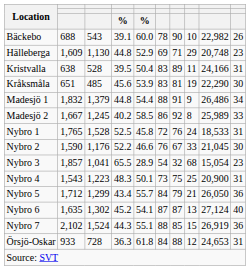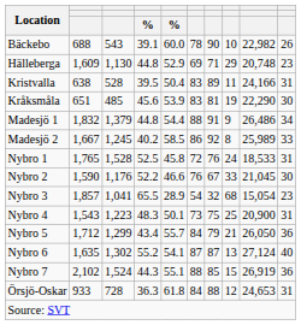 <table role="presentation" class="wikitable sortable mw-collapsible">
 <tr>
 <th rowspan="3">Location</th>
 <th></th>
 <th></th>
 <th></th>
 <th></th>
 <th></th>
 <th></th>
 <th></th>
 <th></th>
 <th></th>
 </tr>
 <tr>
 <th></th>
 <th></th>
 <th style="background:"></th>
 <th style="background:"></th>
 <th></th>
 <th></th>
 <th></th>
 <th></th>
 <th></th>
 </tr>
 <tr>
 <th data-sort-type="number"></th>
 <th data-sort-type="number"></th>
 <th data-sort-type="number">%</th>
 <th data-sort-type="number">%</th>
 <th data-sort-type="number"></th>
 <th data-sort-type="number"></th>
 <th data-sort-type="number"></th>
 <th data-sort-type="number"></th>
 <th data-sort-type="number"></th>
 </tr>
 <tr>
 <td align="left">Bäckebo</td>
 <td>688</td>
 <td>543</td>
 <td>39.1</td>
 <td>60.0</td>
 <td>78</td>
 <td>90</td>
 <td>10</td>
 <td>22,982</td>
 <td>26</td>
 </tr>
 <tr>
 <td align="left">Hälleberga</td>
 <td>1,609</td>
 <td>1,130</td>
 <td>44.8</td>
 <td>52.9</td>
 <td>69</td>
 <td>71</td>
 <td>29</td>
 <td>20,748</td>
 <td>23</td>
 </tr>
 <tr>
 <td align="left">Kristvalla</td>
 <td>638</td>
 <td>528</td>
 <td>39.5</td>
 <td>50.4</td>
 <td>83</td>
 <td>89</td>
 <td>11</td>
 <td>24,166</td>
 <td>31</td>
 </tr>
 <tr>
 <td align="left">Kråksmåla</td>
 <td>651</td>
 <td>485</td>
 <td>45.6</td>
 <td>53.9</td>
 <td>83</td>
 <td>81</td>
 <td>19</td>
 <td>22,290</td>
 <td>30</td>
 </tr>
 <tr>
 <td align="left">Madesjö 1</td>
 <td>1,832</td>
 <td>1,379</td>
 <td>44.8</td>
 <td>54.4</td>
 <td>88</td>
 <td>91</td>
 <td>9</td>
 <td>26,486</td>
 <td>34</td>
 </tr>
 <tr>
 <td align="left">Madesjö 2</td>
 <td>1,667</td>
 <td>1,245</td>
 <td>40.2</td>
 <td>58.5</td>
 <td>86</td>
 <td>92</td>
 <td>8</td>
 <td>25,989</td>
 <td>33</td>
 </tr>
 <tr>
 <td align="left">Nybro 1</td>
 <td>1,765</td>
 <td>1,528</td>
 <td>52.5</td>
 <td>45.8</td>
 <td>72</td>
 <td>76</td>
 <td>24</td>
 <td>18,533</td>
 <td>31</td>
 </tr>
 <tr>
 <td align="left">Nybro 2</td>
 <td>1,590</td>
 <td>1,176</td>
 <td>52.2</td>
 <td>46.6</td>
 <td>76</td>
 <td>67</td>
 <td>33</td>
 <td>21,045</td>
 <td>30</td>
 </tr>
 <tr>
 <td align="left">Nybro 3</td>
 <td>1,857</td>
 <td>1,041</td>
 <td>65.5</td>
 <td>28.9</td>
 <td>54</td>
 <td>32</td>
 <td>68</td>
 <td>15,054</td>
 <td>23</td>
 </tr>
 <tr>
 <td align="left">Nybro 4</td>
 <td>1,543</td>
 <td>1,223</td>
 <td>48.3</td>
 <td>50.1</td>
 <td>73</td>
 <td>75</td>
 <td>25</td>
 <td>20,900</td>
 <td>31</td>
 </tr>
 <tr>
 <td align="left">Nybro 5</td>
 <td>1,712</td>
 <td>1,299</td>
 <td>43.4</td>
 <td>55.7</td>
 <td>84</td>
 <td>79</td>
 <td>21</td>
 <td>26,050</td>
 <td>36</td>
 </tr>
 <tr>
 <td align="left">Nybro 6</td>
 <td>1,635</td>
 <td>1,302</td>
-<td>45.2</td>
+<td>55.2</td>
 <td>54.1</td>
 <td>87</td>
 <td>87</td>
 <td>13</td>
 <td>27,124</td>
 <td>40</td>
 </tr>
 <tr>
 <td align="left">Nybro 7</td>
 <td>2,102</td>
 <td>1,524</td>
 <td>44.3</td>
 <td>55.1</td>
 <td>88</td>
 <td>85</td>
 <td>15</td>
 <td>26,919</td>
 <td>36</td>
 </tr>
 <tr>
 <td align="left">Örsjö-Oskar</td>
 <td>933</td>
 <td>728</td>
 <td>36.3</td>
 <td>61.8</td>
 <td>84</td>
 <td>88</td>
 <td>12</td>
 <td>24,653</td>
 <td>31</td>
 </tr>
 <tr>
 <td colspan="10" align="left">Source: <a href='#'>SVT</a></td>
 </tr>
 </table>
